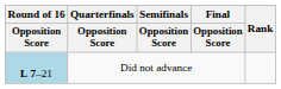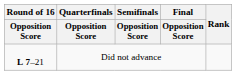 <table class=wikitable style="font-size:90%">
 <tr>
 <th>Round of 16</th>
 <th>Quarterfinals</th>
 <th>Semifinals</th>
 <th>Final</th>
 <th rowspan=2>Rank</th>
 </tr>
 <tr style="font-size:95%">
 <th>Opposition<br>Score</th>
 <th>Opposition<br>Score</th>
 <th>Opposition<br>Score</th>
 <th>Opposition<br>Score</th>
 </tr>
 <tr align=center>
-<td style="background: lightblue;"><br><strong>L</strong> <strong>7</strong>–21</td>
+<td><br><strong>L</strong> <strong>7</strong>–21</td>
 <td colspan=3>Did not advance</td>
 <td></td>
 </tr>
 </table>
